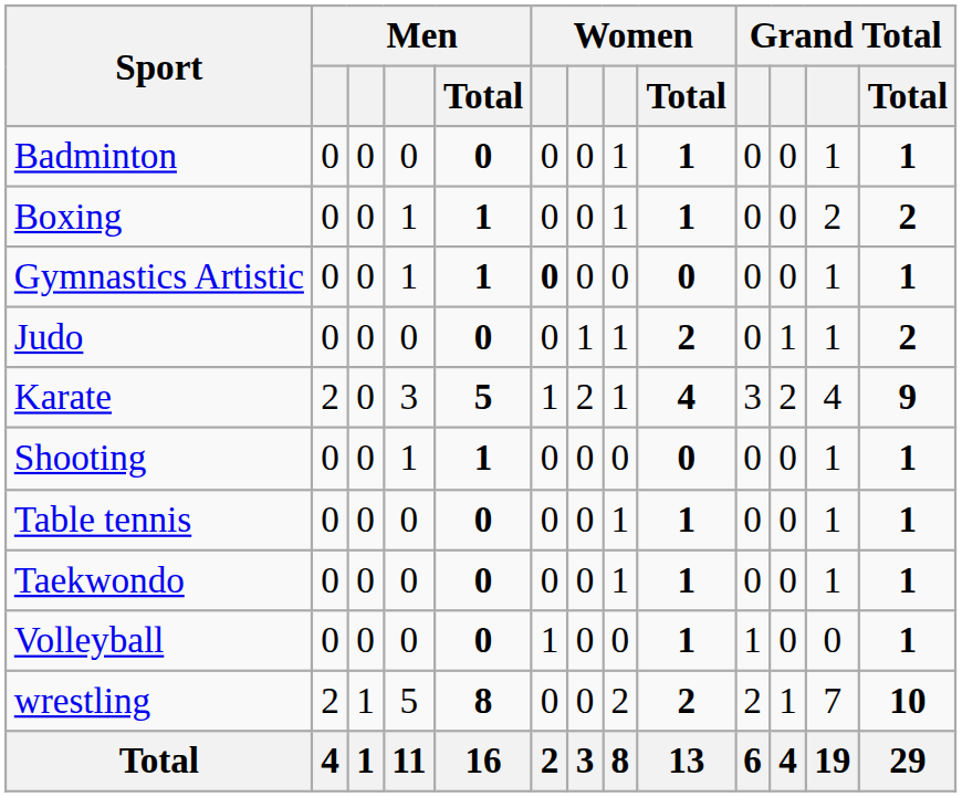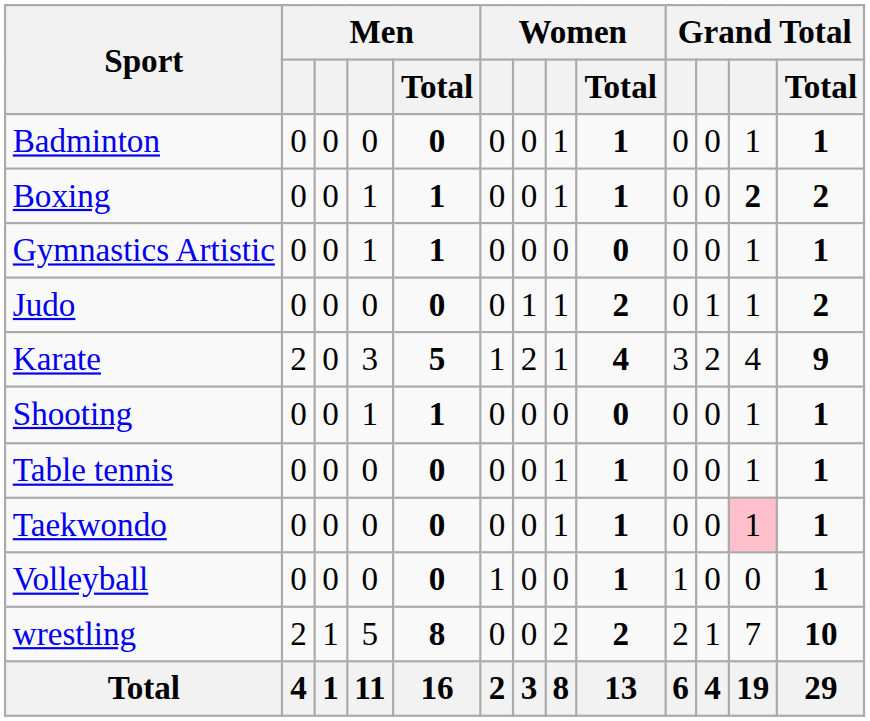 <table class="wikitable" style="font-size: 95%">
 <tr>
 <th rowspan=2>Sport</th>
 <th colspan=4>Men</th>
 <th colspan=4>Women</th>
 <th colspan=4>Grand Total</th>
 </tr>
 <tr>
 <th></th>
 <th></th>
 <th></th>
 <th>Total</th>
 <th></th>
 <th></th>
 <th></th>
 <th>Total</th>
 <th></th>
 <th></th>
 <th></th>
 <th>Total</th>
 </tr>
 <tr align=center>
 <td align=left><a href='#'>Badminton</a></td>
 <td>0</td>
 <td>0</td>
 <td>0</td>
 <td><strong>0</strong></td>
 <td>0</td>
 <td>0</td>
 <td>1</td>
 <td><strong>1</strong></td>
 <td>0</td>
 <td>0</td>
 <td>1</td>
 <td><strong>1</strong></td>
 </tr>
 <tr align=center>
 <td align=left><a href='#'>Boxing</a></td>
 <td>0</td>
 <td>0</td>
 <td>1</td>
 <td><strong>1</strong></td>
 <td>0</td>
 <td>0</td>
 <td>1</td>
 <td><strong>1</strong></td>
 <td>0</td>
 <td>0</td>
-<td>2</td>
+<td><strong>2</strong></td>
 <td><strong>2</strong></td>
 </tr>
 <tr align=center>
 <td align=left><a href='#'>Gymnastics Artistic</a></td>
 <td>0</td>
 <td>0</td>
 <td>1</td>
 <td><strong>1</strong></td>
-<td><strong>0</strong></td>
+<td>0</td>
 <td>0</td>
 <td>0</td>
 <td><strong>0</strong></td>
 <td>0</td>
 <td>0</td>
 <td>1</td>
 <td><strong>1</strong></td>
 </tr>
 <tr align=center>
 <td align=left><a href='#'>Judo</a></td>
 <td>0</td>
 <td>0</td>
 <td>0</td>
 <td><strong>0</strong></td>
 <td>0</td>
 <td>1</td>
 <td>1</td>
 <td><strong>2</strong></td>
 <td>0</td>
 <td>1</td>
 <td>1</td>
 <td><strong>2</strong></td>
 </tr>
 <tr align=center>
 <td align=left><a href='#'>Karate</a></td>
 <td>2</td>
 <td>0</td>
 <td>3</td>
 <td><strong>5</strong></td>
 <td>1</td>
 <td>2</td>
 <td>1</td>
 <td><strong>4</strong></td>
 <td>3</td>
 <td>2</td>
 <td>4</td>
 <td><strong>9</strong></td>
 </tr>
 <tr align=center>
 <td align=left><a href='#'>Shooting</a></td>
 <td>0</td>
 <td>0</td>
 <td>1</td>
 <td><strong>1</strong></td>
 <td>0</td>
 <td>0</td>
 <td>0</td>
 <td><strong>0</strong></td>
 <td>0</td>
 <td>0</td>
 <td>1</td>
 <td><strong>1</strong></td>
 </tr>
 <tr align=center>
 <td align=left><a href='#'>Table tennis</a></td>
 <td>0</td>
 <td>0</td>
 <td>0</td>
 <td><strong>0</strong></td>
 <td>0</td>
 <td>0</td>
 <td>1</td>
 <td><strong>1</strong></td>
 <td>0</td>
 <td>0</td>
 <td>1</td>
 <td><strong>1</strong></td>
 </tr>
 <tr align=center>
 <td align=left><a href='#'>Taekwondo</a></td>
 <td>0</td>
 <td>0</td>
 <td>0</td>
 <td><strong>0</strong></td>
 <td>0</td>
 <td>0</td>
 <td>1</td>
 <td><strong>1</strong></td>
 <td>0</td>
 <td>0</td>
-<td>1</td>
+<td style="background: pink;">1</td>
 <td><strong>1</strong></td>
 </tr>
 <tr align=center>
 <td align=left><a href='#'>Volleyball</a></td>
 <td>0</td>
 <td>0</td>
 <td>0</td>
 <td><strong>0</strong></td>
 <td>1</td>
 <td>0</td>
 <td>0</td>
 <td><strong>1</strong></td>
 <td>1</td>
 <td>0</td>
 <td>0</td>
 <td><strong>1</strong></td>
 </tr>
 <tr align=center>
 <td align=left><a href='#'>wrestling</a></td>
 <td>2</td>
 <td>1</td>
 <td>5</td>
 <td><strong>8</strong></td>
 <td>0</td>
 <td>0</td>
 <td>2</td>
 <td><strong>2</strong></td>
 <td>2</td>
 <td>1</td>
 <td>7</td>
 <td><strong>10</strong></td>
 </tr>
 <tr align=center>
 <th>Total</th>
 <th>4</th>
 <th>1</th>
 <th>11</th>
 <th>16</th>
 <th>2</th>
 <th>3</th>
 <th>8</th>
 <th>13</th>
 <th>6</th>
 <th>4</th>
 <th>19</th>
 <th>29</th>
 </tr>
 </table>
